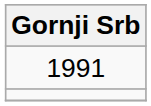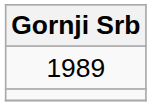 <table class="wikitable" style="margin: 0.5em auto; text-align: center;">
 <tr>
 <th colspan="1">Gornji Srb</th>
 </tr>
 <tr>
-<td>1991</td>
+<td>1989</td>
 </tr>
 <tr>
 <td></td>
 </tr>
 <tr>
 </tr>
 </table>
